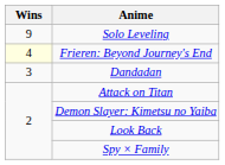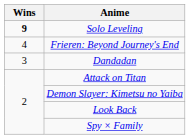 <table class="wikitable" style="text-align: center">
 <tr>
 <th scope="col" width="55">Wins</th>
 <th scope="col" align="center">Anime</th>
 </tr>
 <tr>
-<td>9</td>
+<td><strong>9</strong></td>
 <td><em><a href='#'>Solo Leveling</a></em></td>
 </tr>
 <tr>
-<td style="background: lightyellow;">4</td>
+<td>4</td>
 <td><em><a href='#'>Frieren: Beyond Journey's End</a></em></td>
 </tr>
 <tr>
 <td>3</td>
 <td><em><a href='#'>Dandadan</a></em></td>
 </tr>
 <tr>
 <td rowspan="4">2</td>
 <td><em><a href='#'>Attack on Titan</a></em></td>
 </tr>
 <tr>
 <td><em><a href='#'>Demon Slayer: Kimetsu no Yaiba</a></em></td>
 </tr>
 <tr>
 <td><em><a href='#'>Look Back</a></em></td>
 </tr>
 <tr>
 <td><em><a href='#'>Spy × Family</a></em></td>
 </tr>
 </table>
